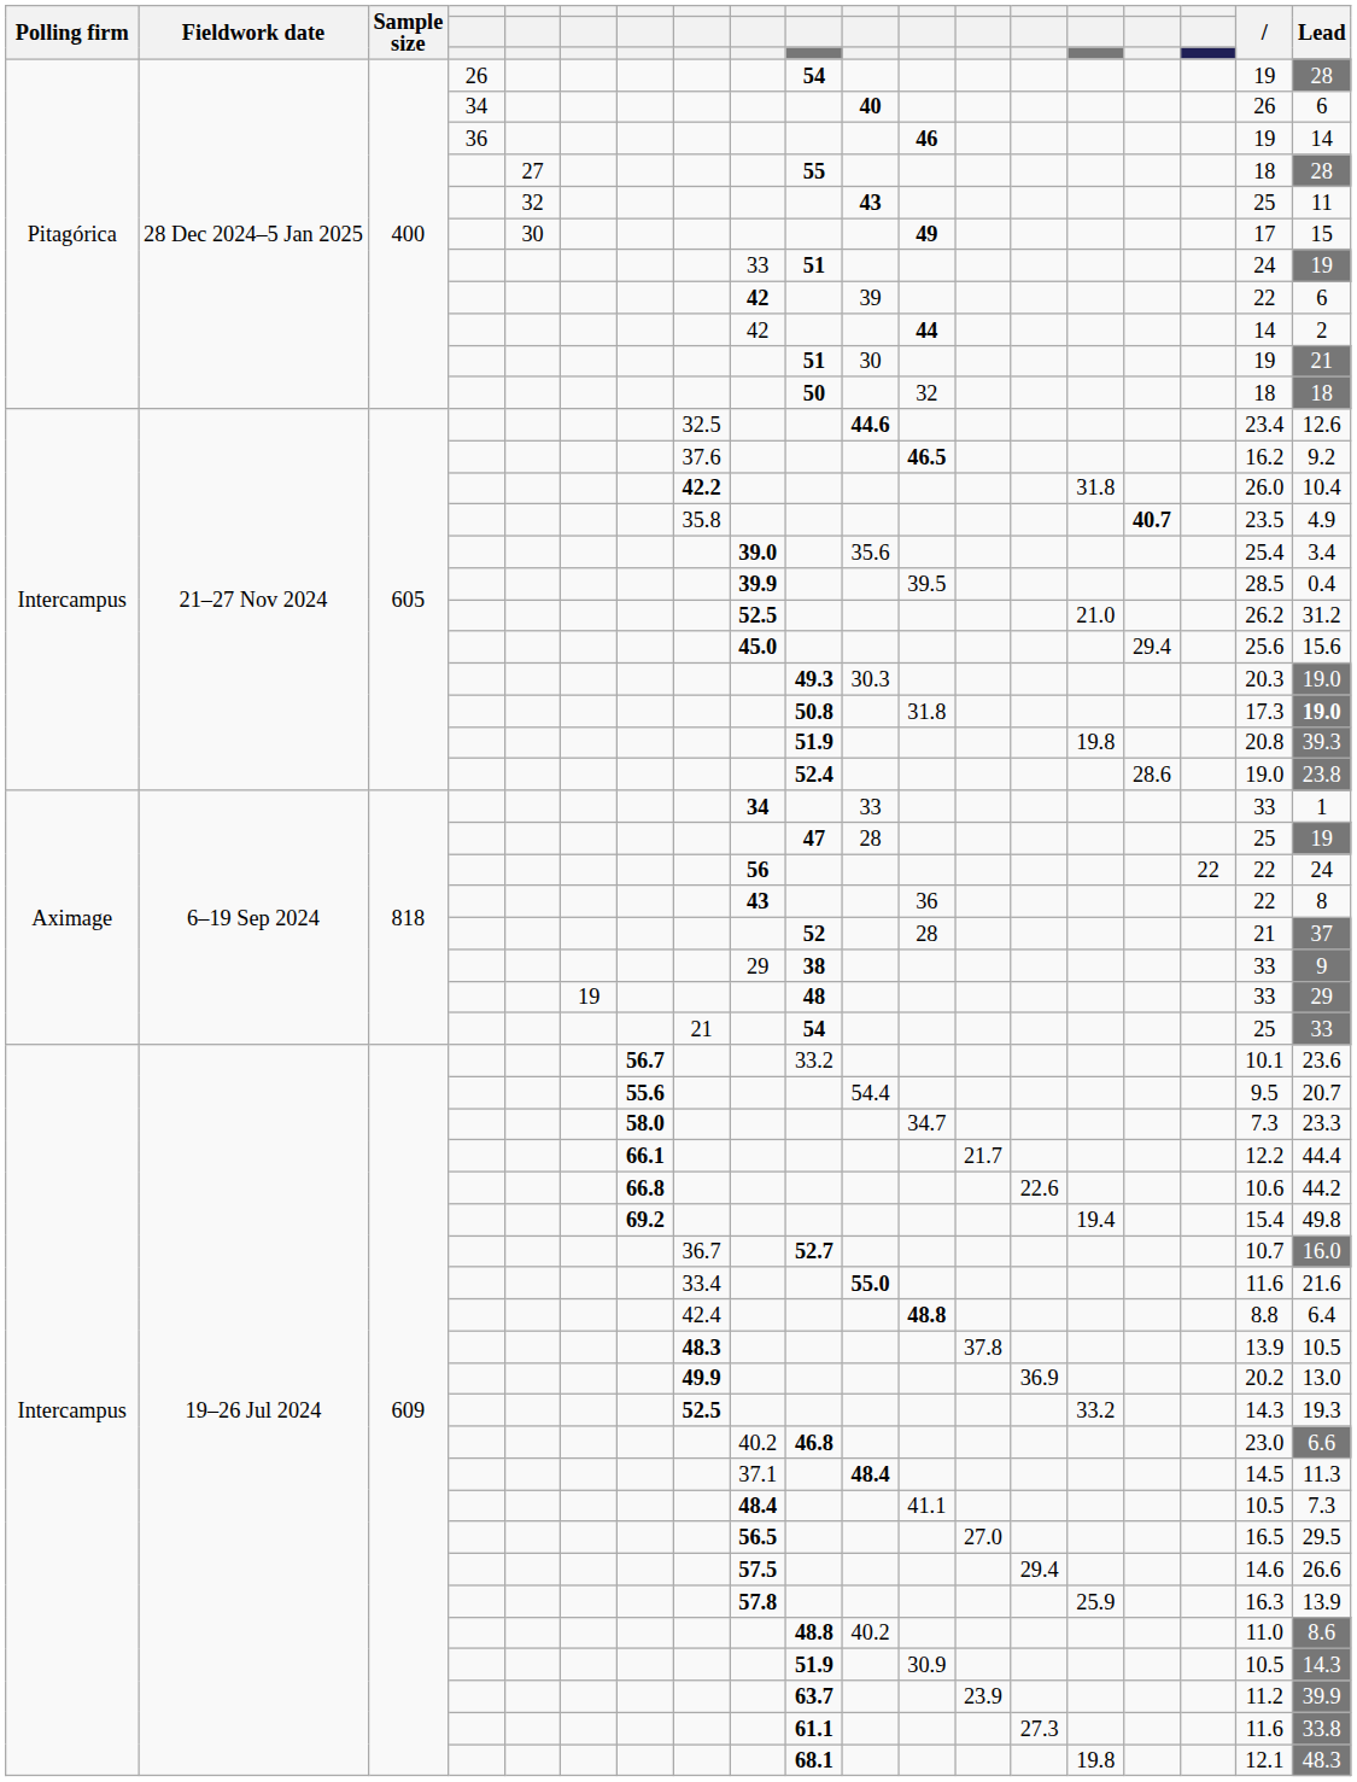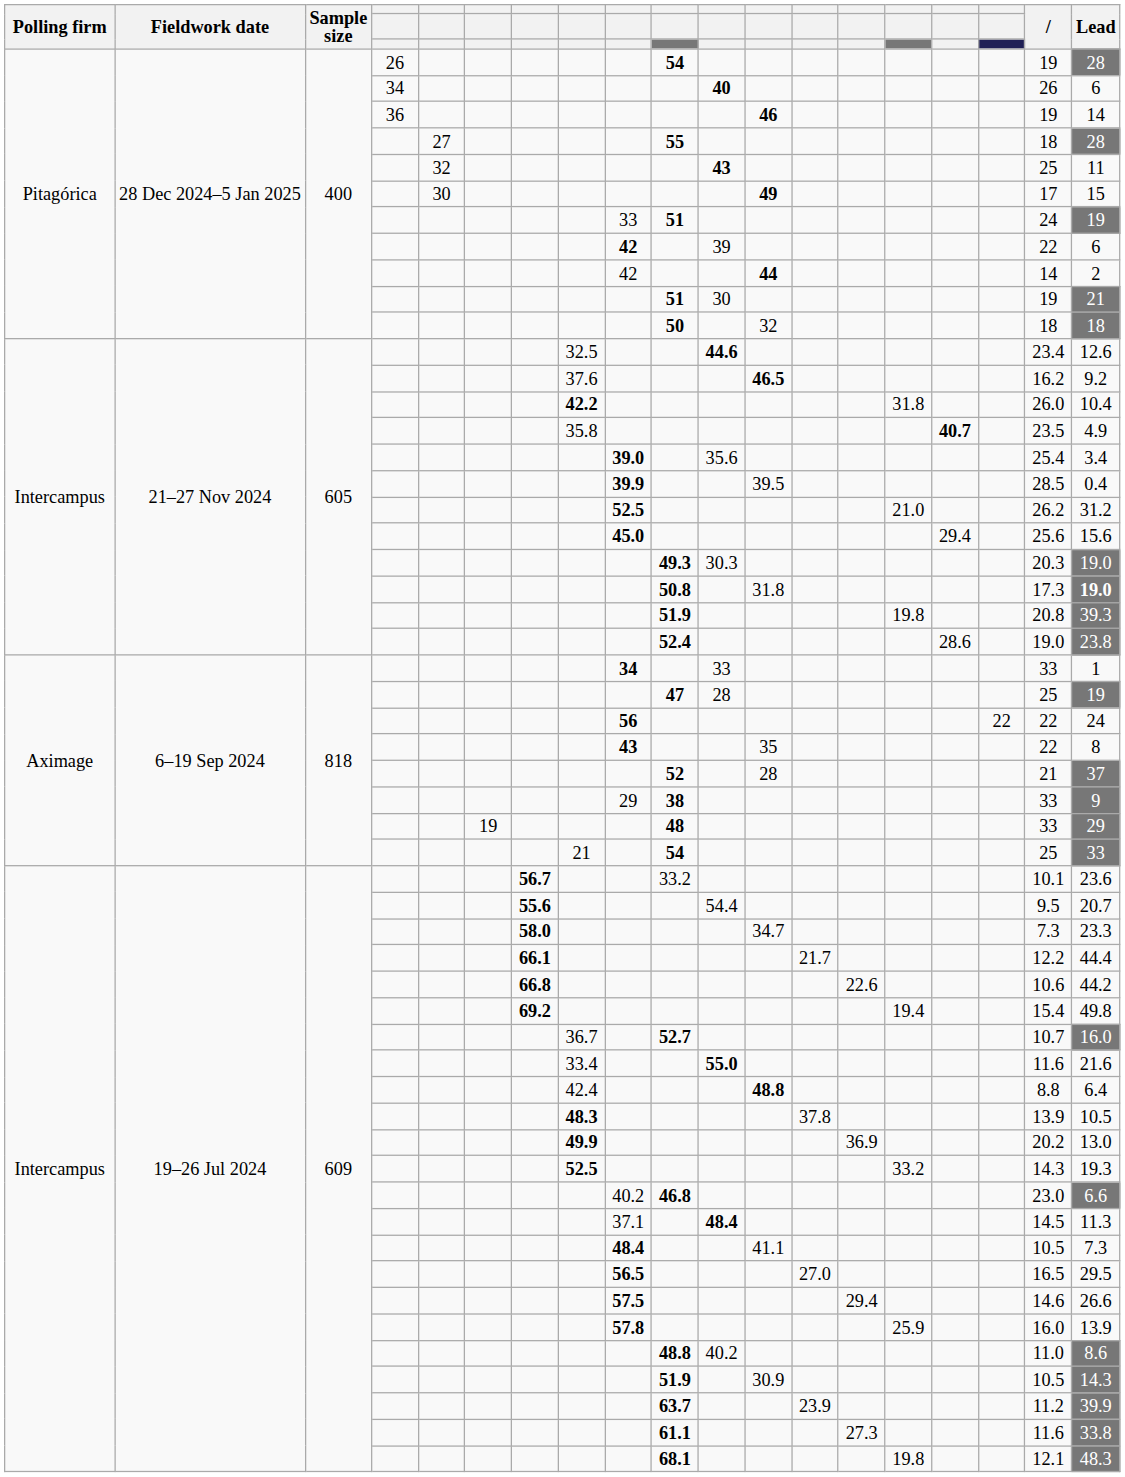 <table class="wikitable unsortable" style="text-align:center;font-size:90%;line-height:14px;">
 <tr>
 <th rowspan="3" style="width:80px;">Polling firm</th>
 <th rowspan="3">Fieldwork date</th>
 <th rowspan="3">Sample<br>size</th>
 <th></th>
 <th></th>
 <th></th>
 <th></th>
 <th></th>
 <th></th>
 <th></th>
 <th></th>
 <th></th>
 <th></th>
 <th></th>
 <th></th>
 <th></th>
 <th></th>
 <th rowspan="3" class="unsortable" style="width:30px;">/</th>
 <th rowspan="3">Lead</th>
 </tr>
 <tr style="height:20px;">
 <th class="unsortable" style="width:30px;"></th>
 <th class="unsortable" style="width:30px;"></th>
 <th class="unsortable" style="width:30px;"></th>
 <th class="unsortable" style="width:30px;"></th>
 <th class="unsortable" style="width:30px;"></th>
 <th class="unsortable" style="width:30px;"></th>
 <th class="unsortable" style="width:30px;"></th>
 <th class="unsortable" style="width:30px;"></th>
 <th class="unsortable" style="width:30px;"></th>
 <th class="unsortable" style="width:30px;"></th>
 <th class="unsortable" style="width:30px;"></th>
 <th class="unsortable" style="width:30px;"></th>
 <th class="unsortable" style="width:30px;"></th>
 <th class="unsortable" style="width:30px;"></th>
 </tr>
 <tr>
 <th style="background:"></th>
 <th style="background:"></th>
 <th style="background:"></th>
 <th style="background:"></th>
 <th style="background:"></th>
 <th style="background:"></th>
 <th style="background:#777777;"></th>
 <th style="background:"></th>
 <th style="background:"></th>
 <th style="background:"></th>
 <th style="background:"></th>
 <th style="background:#777777;"></th>
 <th style="background:"></th>
 <th style="background:#202056;"></th>
 </tr>
 <tr>
 <td rowspan="11">Pitagórica</td>
 <td rowspan="11">28 Dec 2024–5 Jan 2025</td>
 <td rowspan="11">400</td>
 <td>26</td>
 <td></td>
 <td></td>
 <td></td>
 <td></td>
 <td></td>
 <td><strong>54</strong></td>
 <td></td>
 <td></td>
 <td></td>
 <td></td>
 <td></td>
 <td></td>
 <td></td>
 <td>19</td>
 <td style="background:#777777; color:white;">28</td>
 </tr>
 <tr>
 <td>34</td>
 <td></td>
 <td></td>
 <td></td>
 <td></td>
 <td></td>
 <td></td>
 <td><strong>40</strong></td>
 <td></td>
 <td></td>
 <td></td>
 <td></td>
 <td></td>
 <td></td>
 <td>26</td>
 <td style="background:">6</td>
 </tr>
 <tr>
 <td>36</td>
 <td></td>
 <td></td>
 <td></td>
 <td></td>
 <td></td>
 <td></td>
 <td></td>
 <td><strong>46</strong></td>
 <td></td>
 <td></td>
 <td></td>
 <td></td>
 <td></td>
 <td>19</td>
 <td style="background:">14</td>
 </tr>
 <tr>
 <td></td>
 <td>27</td>
 <td></td>
 <td></td>
 <td></td>
 <td></td>
 <td><strong>55</strong></td>
 <td></td>
 <td></td>
 <td></td>
 <td></td>
 <td></td>
 <td></td>
 <td></td>
 <td>18</td>
 <td style="background:#777777; color:white;">28</td>
 </tr>
 <tr>
 <td></td>
 <td>32</td>
 <td></td>
 <td></td>
 <td></td>
 <td></td>
 <td></td>
 <td><strong>43</strong></td>
 <td></td>
 <td></td>
 <td></td>
 <td></td>
 <td></td>
 <td></td>
 <td>25</td>
 <td style="background:">11</td>
 </tr>
 <tr>
 <td></td>
 <td>30</td>
 <td></td>
 <td></td>
 <td></td>
 <td></td>
 <td></td>
 <td></td>
 <td><strong>49</strong></td>
 <td></td>
 <td></td>
 <td></td>
 <td></td>
 <td></td>
 <td>17</td>
 <td style="background:">15</td>
 </tr>
 <tr>
 <td></td>
 <td></td>
 <td></td>
 <td></td>
 <td></td>
 <td>33</td>
 <td><strong>51</strong></td>
 <td></td>
 <td></td>
 <td></td>
 <td></td>
 <td></td>
 <td></td>
 <td></td>
 <td>24</td>
 <td style="background:#777777; color:white;">19</td>
 </tr>
 <tr>
 <td></td>
 <td></td>
 <td></td>
 <td></td>
 <td></td>
 <td><strong>42</strong></td>
 <td></td>
 <td>39</td>
 <td></td>
 <td></td>
 <td></td>
 <td></td>
 <td></td>
 <td></td>
 <td>22</td>
 <td style="background:">6</td>
 </tr>
 <tr>
 <td></td>
 <td></td>
 <td></td>
 <td></td>
 <td></td>
 <td>42</td>
 <td></td>
 <td></td>
 <td><strong>44</strong></td>
 <td></td>
 <td></td>
 <td></td>
 <td></td>
 <td></td>
 <td>14</td>
 <td style="background:">2</td>
 </tr>
 <tr>
 <td></td>
 <td></td>
 <td></td>
 <td></td>
 <td></td>
 <td></td>
 <td><strong>51</strong></td>
 <td>30</td>
 <td></td>
 <td></td>
 <td></td>
 <td></td>
 <td></td>
 <td></td>
 <td>19</td>
 <td style="background:#777777; color:white;">21</td>
 </tr>
 <tr>
 <td></td>
 <td></td>
 <td></td>
 <td></td>
 <td></td>
 <td></td>
 <td><strong>50</strong></td>
 <td></td>
 <td>32</td>
 <td></td>
 <td></td>
 <td></td>
 <td></td>
 <td></td>
 <td>18</td>
 <td style="background:#777777; color:white;">18</td>
 </tr>
 <tr>
 <td rowspan="12">Intercampus</td>
 <td rowspan="12">21–27 Nov 2024</td>
 <td rowspan="12">605</td>
 <td></td>
 <td></td>
 <td></td>
 <td></td>
 <td>32.5</td>
 <td></td>
 <td></td>
 <td><strong>44.6</strong></td>
 <td></td>
 <td></td>
 <td></td>
 <td></td>
 <td></td>
 <td></td>
 <td>23.4</td>
 <td style="background:">12.6</td>
 </tr>
 <tr>
 <td></td>
 <td></td>
 <td></td>
 <td></td>
 <td>37.6</td>
 <td></td>
 <td></td>
 <td></td>
 <td><strong>46.5</strong></td>
 <td></td>
 <td></td>
 <td></td>
 <td></td>
 <td></td>
 <td>16.2</td>
 <td style="background:">9.2</td>
 </tr>
 <tr>
 <td></td>
 <td></td>
 <td></td>
 <td></td>
 <td><strong>42.2</strong></td>
 <td></td>
 <td></td>
 <td></td>
 <td></td>
 <td></td>
 <td></td>
 <td>31.8</td>
 <td></td>
 <td></td>
 <td>26.0</td>
 <td style="background:">10.4</td>
 </tr>
 <tr>
 <td></td>
 <td></td>
 <td></td>
 <td></td>
 <td>35.8</td>
 <td></td>
 <td></td>
 <td></td>
 <td></td>
 <td></td>
 <td></td>
 <td></td>
 <td><strong>40.7</strong></td>
 <td></td>
 <td>23.5</td>
 <td style="background:">4.9</td>
 </tr>
 <tr>
 <td></td>
 <td></td>
 <td></td>
 <td></td>
 <td></td>
 <td><strong>39.0</strong></td>
 <td></td>
 <td>35.6</td>
 <td></td>
 <td></td>
 <td></td>
 <td></td>
 <td></td>
 <td></td>
 <td>25.4</td>
 <td style="background:">3.4</td>
 </tr>
 <tr>
 <td></td>
 <td></td>
 <td></td>
 <td></td>
 <td></td>
 <td><strong>39.9</strong></td>
 <td></td>
 <td></td>
 <td>39.5</td>
 <td></td>
 <td></td>
 <td></td>
 <td></td>
 <td></td>
 <td>28.5</td>
 <td style="background:">0.4</td>
 </tr>
 <tr>
 <td></td>
 <td></td>
 <td></td>
 <td></td>
 <td></td>
 <td><strong>52.5</strong></td>
 <td></td>
 <td></td>
 <td></td>
 <td></td>
 <td></td>
 <td>21.0</td>
 <td></td>
 <td></td>
 <td>26.2</td>
 <td style="background:">31.2</td>
 </tr>
 <tr>
 <td></td>
 <td></td>
 <td></td>
 <td></td>
 <td></td>
 <td><strong>45.0</strong></td>
 <td></td>
 <td></td>
 <td></td>
 <td></td>
 <td></td>
 <td></td>
 <td>29.4</td>
 <td></td>
 <td>25.6</td>
 <td style="background:">15.6</td>
 </tr>
 <tr>
 <td></td>
 <td></td>
 <td></td>
 <td></td>
 <td></td>
 <td></td>
 <td><strong>49.3</strong></td>
 <td>30.3</td>
 <td></td>
 <td></td>
 <td></td>
 <td></td>
 <td></td>
 <td></td>
 <td>20.3</td>
 <td style="background:#777777; color:white;">19.0</td>
 </tr>
 <tr>
 <td></td>
 <td></td>
 <td></td>
 <td></td>
 <td></td>
 <td></td>
 <td><strong>50.8</strong></td>
 <td></td>
 <td>31.8</td>
 <td></td>
 <td></td>
 <td></td>
 <td></td>
 <td></td>
 <td>17.3</td>
 <td style="background:#777777; color:white;"><strong>19.0</strong></td>
 </tr>
 <tr>
 <td></td>
 <td></td>
 <td></td>
 <td></td>
 <td></td>
 <td></td>
 <td><strong>51.9</strong></td>
 <td></td>
 <td></td>
 <td></td>
 <td></td>
 <td>19.8</td>
 <td></td>
 <td></td>
 <td>20.8</td>
 <td style="background:#777777; color:white;">39.3</td>
 </tr>
 <tr>
 <td></td>
 <td></td>
 <td></td>
 <td></td>
 <td></td>
 <td></td>
 <td><strong>52.4</strong></td>
 <td></td>
 <td></td>
 <td></td>
 <td></td>
 <td></td>
 <td>28.6</td>
 <td></td>
 <td>19.0</td>
 <td style="background:#777777; color:white;">23.8</td>
 </tr>
 <tr>
 <td rowspan="8" style="text-align:center;">Aximage</td>
 <td rowspan="8" style="text-align:center;">6–19 Sep 2024</td>
 <td rowspan="8" style="text-align:center;">818</td>
 <td></td>
 <td></td>
 <td></td>
 <td></td>
 <td></td>
 <td><strong>34</strong></td>
 <td></td>
 <td>33</td>
 <td></td>
 <td></td>
 <td></td>
 <td></td>
 <td></td>
 <td></td>
 <td>33</td>
 <td style="background:">1</td>
 </tr>
 <tr>
 <td></td>
 <td></td>
 <td></td>
 <td></td>
 <td></td>
 <td></td>
 <td><strong>47</strong></td>
 <td>28</td>
 <td></td>
 <td></td>
 <td></td>
 <td></td>
 <td></td>
 <td></td>
 <td>25</td>
 <td style="background:#777777; color:white;">19</td>
 </tr>
 <tr>
 <td></td>
 <td></td>
 <td></td>
 <td></td>
 <td></td>
 <td><strong>56</strong></td>
 <td></td>
 <td></td>
 <td></td>
 <td></td>
 <td></td>
 <td></td>
 <td></td>
 <td>22</td>
 <td>22</td>
 <td style="background:">24</td>
 </tr>
 <tr>
 <td></td>
 <td></td>
 <td></td>
 <td></td>
 <td></td>
 <td><strong>43</strong></td>
 <td></td>
 <td></td>
-<td>36</td>
+<td>35</td>
 <td></td>
 <td></td>
 <td></td>
 <td></td>
 <td></td>
 <td>22</td>
 <td style="background:">8</td>
 </tr>
 <tr>
 <td></td>
 <td></td>
 <td></td>
 <td></td>
 <td></td>
 <td></td>
 <td><strong>52</strong></td>
 <td></td>
 <td>28</td>
 <td></td>
 <td></td>
 <td></td>
 <td></td>
 <td></td>
 <td>21</td>
 <td style="background:#777777; color:white;">37</td>
 </tr>
 <tr>
 <td></td>
 <td></td>
 <td></td>
 <td></td>
 <td></td>
 <td>29</td>
 <td><strong>38</strong></td>
 <td></td>
 <td></td>
 <td></td>
 <td></td>
 <td></td>
 <td></td>
 <td></td>
 <td>33</td>
 <td style="background:#777777; color:white;">9</td>
 </tr>
 <tr>
 <td></td>
 <td></td>
 <td>19</td>
 <td></td>
 <td></td>
 <td></td>
 <td><strong>48</strong></td>
 <td></td>
 <td></td>
 <td></td>
 <td></td>
 <td></td>
 <td></td>
 <td></td>
 <td>33</td>
 <td style="background:#777777; color:white;">29</td>
 </tr>
 <tr>
 <td></td>
 <td></td>
 <td></td>
 <td></td>
 <td>21</td>
 <td></td>
 <td><strong>54</strong></td>
 <td></td>
 <td></td>
 <td></td>
 <td></td>
 <td></td>
 <td></td>
 <td></td>
 <td>25</td>
 <td style="background:#777777; color:white;">33</td>
 </tr>
 <tr>
 <td rowspan="23" style="text-align:center;">Intercampus</td>
 <td rowspan="23" style="text-align:center;">19–26 Jul 2024</td>
 <td rowspan="23" align="center">609</td>
 <td></td>
 <td></td>
 <td></td>
 <td><strong>56.7</strong></td>
 <td></td>
 <td></td>
 <td>33.2</td>
 <td></td>
 <td></td>
 <td></td>
 <td></td>
 <td></td>
 <td></td>
 <td></td>
 <td>10.1</td>
 <td style="background:">23.6</td>
 </tr>
 <tr>
 <td></td>
 <td></td>
 <td></td>
 <td><strong>55.6</strong></td>
 <td></td>
 <td></td>
 <td></td>
 <td>54.4</td>
 <td></td>
 <td></td>
 <td></td>
 <td></td>
 <td></td>
 <td></td>
 <td>9.5</td>
 <td style="background:">20.7</td>
 </tr>
 <tr>
 <td></td>
 <td></td>
 <td></td>
 <td><strong>58.0</strong></td>
 <td></td>
 <td></td>
 <td></td>
 <td></td>
 <td>34.7</td>
 <td></td>
 <td></td>
 <td></td>
 <td></td>
 <td></td>
 <td>7.3</td>
 <td style="background:">23.3</td>
 </tr>
 <tr>
 <td></td>
 <td></td>
 <td></td>
 <td><strong>66.1</strong></td>
 <td></td>
 <td></td>
 <td></td>
 <td></td>
 <td></td>
 <td>21.7</td>
 <td></td>
 <td></td>
 <td></td>
 <td></td>
 <td>12.2</td>
 <td style="background:">44.4</td>
 </tr>
 <tr>
 <td></td>
 <td></td>
 <td></td>
 <td><strong>66.8</strong></td>
 <td></td>
 <td></td>
 <td></td>
 <td></td>
 <td></td>
 <td></td>
 <td>22.6</td>
 <td></td>
 <td></td>
 <td></td>
 <td>10.6</td>
 <td style="background:">44.2</td>
 </tr>
 <tr>
 <td></td>
 <td></td>
 <td></td>
 <td><strong>69.2</strong></td>
 <td></td>
 <td></td>
 <td></td>
 <td></td>
 <td></td>
 <td></td>
 <td></td>
 <td>19.4</td>
 <td></td>
 <td></td>
 <td>15.4</td>
 <td style="background:">49.8</td>
 </tr>
 <tr>
 <td></td>
 <td></td>
 <td></td>
 <td></td>
 <td>36.7</td>
 <td></td>
 <td><strong>52.7</strong></td>
 <td></td>
 <td></td>
 <td></td>
 <td></td>
 <td></td>
 <td></td>
 <td></td>
 <td>10.7</td>
 <td style="background:#777777; color:white;">16.0</td>
 </tr>
 <tr>
 <td></td>
 <td></td>
 <td></td>
 <td></td>
 <td>33.4</td>
 <td></td>
 <td></td>
 <td><strong>55.0</strong></td>
 <td></td>
 <td></td>
 <td></td>
 <td></td>
 <td></td>
 <td></td>
 <td>11.6</td>
 <td style="background:">21.6</td>
 </tr>
 <tr>
 <td></td>
 <td></td>
 <td></td>
 <td></td>
 <td>42.4</td>
 <td></td>
 <td></td>
 <td></td>
 <td><strong>48.8</strong></td>
 <td></td>
 <td></td>
 <td></td>
 <td></td>
 <td></td>
 <td>8.8</td>
 <td style="background:">6.4</td>
 </tr>
 <tr>
 <td></td>
 <td></td>
 <td></td>
 <td></td>
 <td><strong>48.3</strong></td>
 <td></td>
 <td></td>
 <td></td>
 <td></td>
 <td>37.8</td>
 <td></td>
 <td></td>
 <td></td>
 <td></td>
 <td>13.9</td>
 <td style="background:">10.5</td>
 </tr>
 <tr>
 <td></td>
 <td></td>
 <td></td>
 <td></td>
 <td><strong>49.9</strong></td>
 <td></td>
 <td></td>
 <td></td>
 <td></td>
 <td></td>
 <td>36.9</td>
 <td></td>
 <td></td>
 <td></td>
 <td>20.2</td>
 <td style="background:">13.0</td>
 </tr>
 <tr>
 <td></td>
 <td></td>
 <td></td>
 <td></td>
 <td><strong>52.5</strong></td>
 <td></td>
 <td></td>
 <td></td>
 <td></td>
 <td></td>
 <td></td>
 <td>33.2</td>
 <td></td>
 <td></td>
 <td>14.3</td>
 <td style="background:">19.3</td>
 </tr>
 <tr>
 <td></td>
 <td></td>
 <td></td>
 <td></td>
 <td></td>
 <td>40.2</td>
 <td><strong>46.8</strong></td>
 <td></td>
 <td></td>
 <td></td>
 <td></td>
 <td></td>
 <td></td>
 <td></td>
 <td>23.0</td>
 <td style="background:#777777; color:white;">6.6</td>
 </tr>
 <tr>
 <td></td>
 <td></td>
 <td></td>
 <td></td>
 <td></td>
 <td>37.1</td>
 <td></td>
 <td><strong>48.4</strong></td>
 <td></td>
 <td></td>
 <td></td>
 <td></td>
 <td></td>
 <td></td>
 <td>14.5</td>
 <td style="background:">11.3</td>
 </tr>
 <tr>
 <td></td>
 <td></td>
 <td></td>
 <td></td>
 <td></td>
 <td><strong>48.4</strong></td>
 <td></td>
 <td></td>
 <td>41.1</td>
 <td></td>
 <td></td>
 <td></td>
 <td></td>
 <td></td>
 <td>10.5</td>
 <td style="background:">7.3</td>
 </tr>
 <tr>
 <td></td>
 <td></td>
 <td></td>
 <td></td>
 <td></td>
 <td><strong>56.5</strong></td>
 <td></td>
 <td></td>
 <td></td>
 <td>27.0</td>
 <td></td>
 <td></td>
 <td></td>
 <td></td>
 <td>16.5</td>
 <td style="background:">29.5</td>
 </tr>
 <tr>
 <td></td>
 <td></td>
 <td></td>
 <td></td>
 <td></td>
 <td><strong>57.5</strong></td>
 <td></td>
 <td></td>
 <td></td>
 <td></td>
 <td>29.4</td>
 <td></td>
 <td></td>
 <td></td>
 <td>14.6</td>
 <td style="background:">26.6</td>
 </tr>
 <tr>
 <td></td>
 <td></td>
 <td></td>
 <td></td>
 <td></td>
 <td><strong>57.8</strong></td>
 <td></td>
 <td></td>
 <td></td>
 <td></td>
 <td></td>
 <td>25.9</td>
 <td></td>
 <td></td>
-<td>16.3</td>
+<td>16.0</td>
 <td style="background:">13.9</td>
 </tr>
 <tr>
 <td></td>
 <td></td>
 <td></td>
 <td></td>
 <td></td>
 <td></td>
 <td><strong>48.8</strong></td>
 <td>40.2</td>
 <td></td>
 <td></td>
 <td></td>
 <td></td>
 <td></td>
 <td></td>
 <td>11.0</td>
 <td style="background:#777777; color:white;">8.6</td>
 </tr>
 <tr>
 <td></td>
 <td></td>
 <td></td>
 <td></td>
 <td></td>
 <td></td>
 <td><strong>51.9</strong></td>
 <td></td>
 <td>30.9</td>
 <td></td>
 <td></td>
 <td></td>
 <td></td>
 <td></td>
 <td>10.5</td>
 <td style="background:#777777; color:white;">14.3</td>
 </tr>
 <tr>
 <td></td>
 <td></td>
 <td></td>
 <td></td>
 <td></td>
 <td></td>
 <td><strong>63.7</strong></td>
 <td></td>
 <td></td>
 <td>23.9</td>
 <td></td>
 <td></td>
 <td></td>
 <td></td>
 <td>11.2</td>
 <td style="background:#777777; color:white;">39.9</td>
 </tr>
 <tr>
 <td></td>
 <td></td>
 <td></td>
 <td></td>
 <td></td>
 <td></td>
 <td><strong>61.1</strong></td>
 <td></td>
 <td></td>
 <td></td>
 <td>27.3</td>
 <td></td>
 <td></td>
 <td></td>
 <td>11.6</td>
 <td style="background:#777777; color:white;">33.8</td>
 </tr>
 <tr>
 <td></td>
 <td></td>
 <td></td>
 <td></td>
 <td></td>
 <td></td>
 <td><strong>68.1</strong></td>
 <td></td>
 <td></td>
 <td></td>
 <td></td>
 <td>19.8</td>
 <td></td>
 <td></td>
 <td>12.1</td>
 <td style="background:#777777; color:white;">48.3</td>
 </tr>
 </table>
